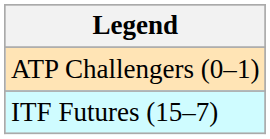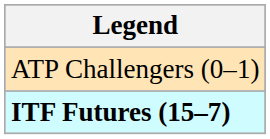 <table class=wikitable>
 <tr>
 <th>Legend</th>
 </tr>
 <tr bgcolor=moccasin>
 <td>ATP Challengers (0–1)</td>
 </tr>
 <tr bgcolor=cffcff>
-<td>ITF Futures (15–7)</td>
+<td><strong>ITF Futures (15–7)</strong></td>
 </tr>
 </table>
